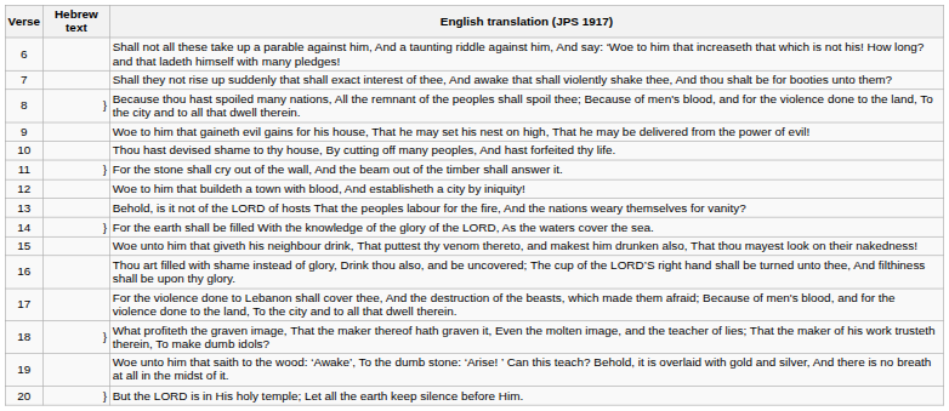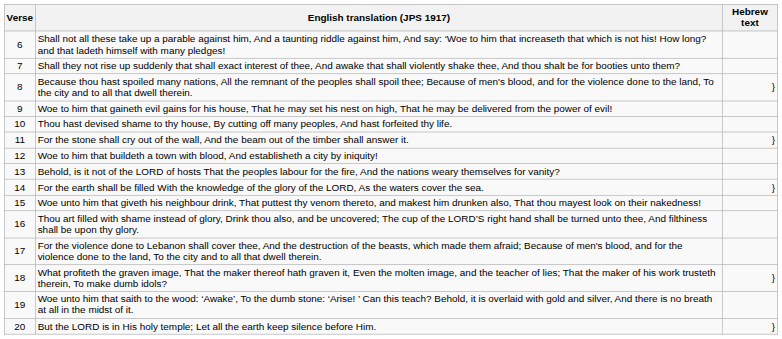 <table class="wikitable">
 <tr>
 <th>Verse</th>
+<th>English translation (JPS 1917)</th>
 <th>Hebrew text</th>
-<th>English translation (JPS 1917)</th>
 </tr>
 <tr>
 <td align="center">6</td>
+<td>Shall not all these take up a parable against him, And a taunting riddle against him, And say: ‘Woe to him that increaseth that which is not his! How long? and that ladeth himself with many pledges!</td>
 <td align="right"></td>
-<td>Shall not all these take up a parable against him, And a taunting riddle against him, And say: ‘Woe to him that increaseth that which is not his! How long? and that ladeth himself with many pledges!</td>
 </tr>
 <tr>
 <td align="center">7</td>
+<td>Shall they not rise up suddenly that shall exact interest of thee, And awake that shall violently shake thee, And thou shalt be for booties unto them?</td>
 <td align="right"></td>
-<td>Shall they not rise up suddenly that shall exact interest of thee, And awake that shall violently shake thee, And thou shalt be for booties unto them?</td>
 </tr>
 <tr>
 <td align="center">8</td>
+<td>Because thou hast spoiled many nations, All the remnant of the peoples shall spoil thee; Because of men's blood, and for the violence done to the land, To the city and to all that dwell therein.</td>
 <td align="right">}</td>
-<td>Because thou hast spoiled many nations, All the remnant of the peoples shall spoil thee; Because of men's blood, and for the violence done to the land, To the city and to all that dwell therein.</td>
 </tr>
 <tr>
 <td align="center">9</td>
+<td>Woe to him that gaineth evil gains for his house, That he may set his nest on high, That he may be delivered from the power of evil!</td>
 <td align="right"></td>
-<td>Woe to him that gaineth evil gains for his house, That he may set his nest on high, That he may be delivered from the power of evil!</td>
 </tr>
 <tr>
 <td align="center">10</td>
+<td>Thou hast devised shame to thy house, By cutting off many peoples, And hast forfeited thy life.</td>
 <td align="right"></td>
-<td>Thou hast devised shame to thy house, By cutting off many peoples, And hast forfeited thy life.</td>
 </tr>
 <tr>
 <td align="center">11</td>
+<td>For the stone shall cry out of the wall, And the beam out of the timber shall answer it.</td>
 <td align="right">}</td>
-<td>For the stone shall cry out of the wall, And the beam out of the timber shall answer it.</td>
 </tr>
 <tr>
 <td align="center">12</td>
+<td>Woe to him that buildeth a town with blood, And establisheth a city by iniquity!</td>
 <td align="right"></td>
-<td>Woe to him that buildeth a town with blood, And establisheth a city by iniquity!</td>
 </tr>
 <tr>
 <td align="center">13</td>
+<td>Behold, is it not of the LORD of hosts That the peoples labour for the fire, And the nations weary themselves for vanity?</td>
 <td align="right"></td>
-<td>Behold, is it not of the LORD of hosts That the peoples labour for the fire, And the nations weary themselves for vanity?</td>
 </tr>
 <tr>
 <td align="center">14</td>
+<td>For the earth shall be filled With the knowledge of the glory of the LORD, As the waters cover the sea.</td>
 <td align="right">}</td>
-<td>For the earth shall be filled With the knowledge of the glory of the LORD, As the waters cover the sea.</td>
 </tr>
 <tr>
 <td align="center">15</td>
+<td>Woe unto him that giveth his neighbour drink, That puttest thy venom thereto, and makest him drunken also, That thou mayest look on their nakedness!</td>
 <td align="right"></td>
-<td>Woe unto him that giveth his neighbour drink, That puttest thy venom thereto, and makest him drunken also, That thou mayest look on their nakedness!</td>
 </tr>
 <tr>
 <td align="center">16</td>
+<td>Thou art filled with shame instead of glory, Drink thou also, and be uncovered; The cup of the LORD’S right hand shall be turned unto thee, And filthiness shall be upon thy glory.</td>
 <td align="right"></td>
-<td>Thou art filled with shame instead of glory, Drink thou also, and be uncovered; The cup of the LORD’S right hand shall be turned unto thee, And filthiness shall be upon thy glory.</td>
 </tr>
 <tr>
 <td align="center">17</td>
+<td>For the violence done to Lebanon shall cover thee, And the destruction of the beasts, which made them afraid; Because of men's blood, and for the violence done to the land, To the city and to all that dwell therein.</td>
 <td align="right"></td>
-<td>For the violence done to Lebanon shall cover thee, And the destruction of the beasts, which made them afraid; Because of men's blood, and for the violence done to the land, To the city and to all that dwell therein.</td>
 </tr>
 <tr>
 <td align="center">18</td>
+<td>What profiteth the graven image, That the maker thereof hath graven it, Even the molten image, and the teacher of lies; That the maker of his work trusteth therein, To make dumb idols?</td>
 <td align="right">}</td>
-<td>What profiteth the graven image, That the maker thereof hath graven it, Even the molten image, and the teacher of lies; That the maker of his work trusteth therein, To make dumb idols?</td>
 </tr>
 <tr>
 <td align="center">19</td>
+<td>Woe unto him that saith to the wood: ‘Awake’, To the dumb stone: ‘Arise! ’ Can this teach? Behold, it is overlaid with gold and silver, And there is no breath at all in the midst of it.</td>
 <td align="right"></td>
-<td>Woe unto him that saith to the wood: ‘Awake’, To the dumb stone: ‘Arise! ’ Can this teach? Behold, it is overlaid with gold and silver, And there is no breath at all in the midst of it.</td>
 </tr>
 <tr>
 <td align="center">20</td>
+<td>But the LORD is in His holy temple; Let all the earth keep silence before Him.</td>
 <td align="right">}</td>
-<td>But the LORD is in His holy temple; Let all the earth keep silence before Him.</td>
 </tr>
 </table>
